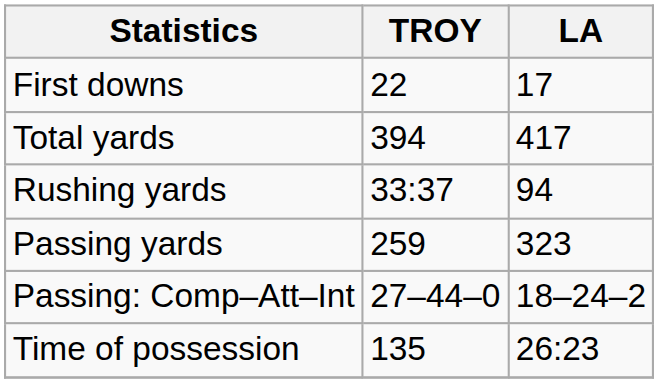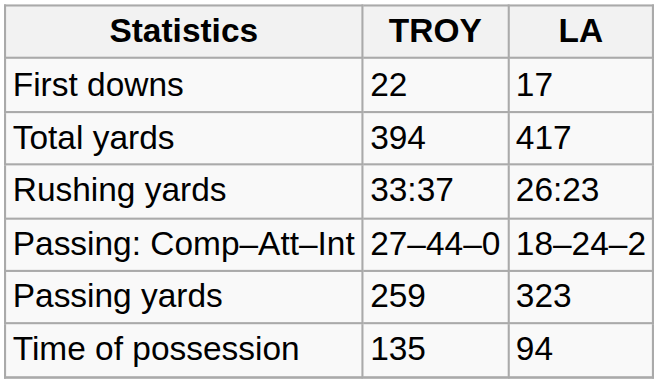 <table class="wikitable" style="float: left;">
 <tr>
 <th>Statistics</th>
 <th>TROY</th>
 <th>LA</th>
 </tr>
 <tr>
 <td>First downs</td>
 <td>22</td>
 <td>17</td>
 </tr>
 <tr>
 <td>Total yards</td>
 <td>394</td>
 <td>417</td>
 </tr>
 <tr>
 <td>Rushing yards</td>
 <td>33:37</td>
-<td>94</td>
+<td>26:23</td>
+</tr>
+<tr>
+<td>Passing: Comp–Att–Int</td>
+<td>27–44–0</td>
+<td>18–24–2</td>
 </tr>
 <tr>
 <td>Passing yards</td>
 <td>259</td>
 <td>323</td>
 </tr>
 <tr>
-<td>Passing: Comp–Att–Int</td>
-<td>27–44–0</td>
-<td>18–24–2</td>
-</tr>
-<tr>
 <td>Time of possession</td>
 <td>135</td>
-<td>26:23</td>
+<td>94</td>
 </tr>
 <tr>
 </tr>
 </table>
